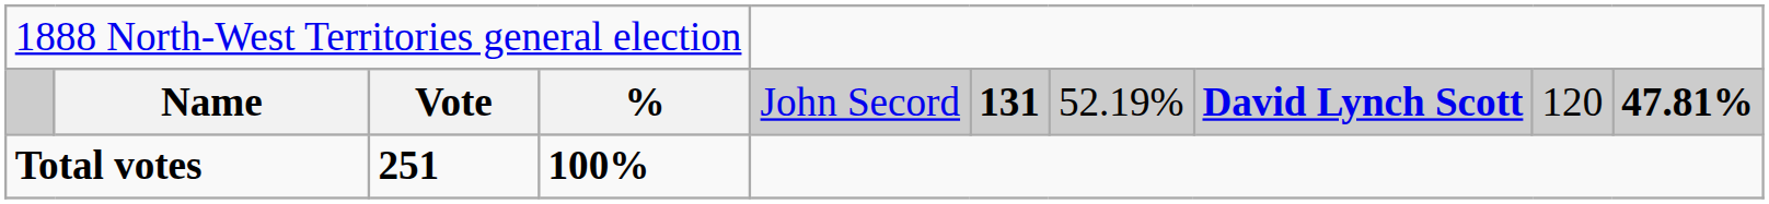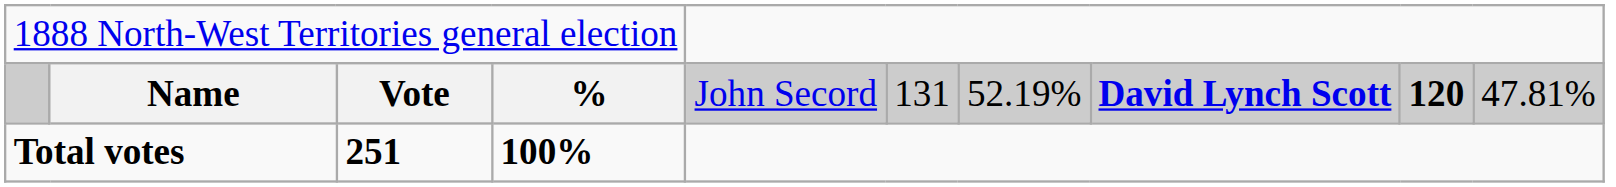 <table class="wikitable">
 <tr>
 <td colspan=4 align=center><a href='#'>1888 North-West Territories general election</a></td>
 </tr>
 <tr bgcolor="CCCCCC">
 <td></td>
 <th>Name</th>
 <th>Vote</th>
 <th>%<br></th>
 <td><a href='#'>John Secord</a></td>
-<td><strong>131</strong></td>
+<td>131</td>
 <td>52.19%<br></td>
 <td><strong><a href='#'>David Lynch Scott</a></strong></td>
-<td>120</td>
-<td><strong>47.81%</strong></td>
+<td><strong>120</strong></td>
+<td>47.81%</td>
 </tr>
 <tr>
 <td colspan=2><strong>Total votes</strong></td>
 <td><strong>251</strong></td>
 <td alignment="left"><strong>100%</strong></td>
 </tr>
 </table>
